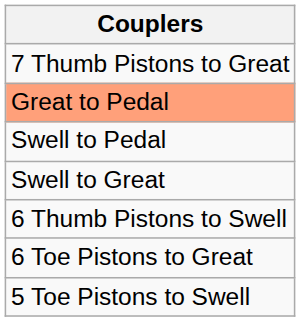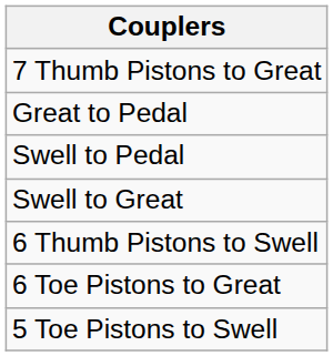 <table class="wikitable" align="left" style="margin: 5px;">
 <tr>
 <th>Couplers</th>
 </tr>
 <tr>
 <td>7 Thumb Pistons to Great</td>
 </tr>
 <tr>
-<td style="background: lightsalmon;">Great to Pedal</td>
+<td>Great to Pedal</td>
 </tr>
 <tr>
 <td>Swell to Pedal</td>
 </tr>
 <tr>
 <td>Swell to Great</td>
 </tr>
 <tr>
 <td>6 Thumb Pistons to Swell</td>
 </tr>
 <tr>
 <td>6 Toe Pistons to Great</td>
 </tr>
 <tr>
 <td>5 Toe Pistons to Swell</td>
 </tr>
 </table>
